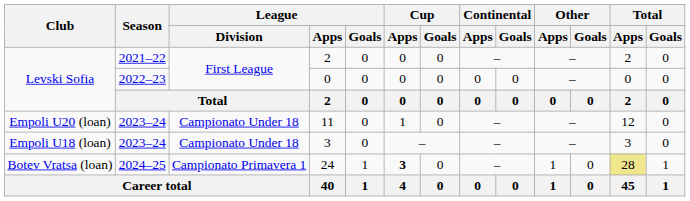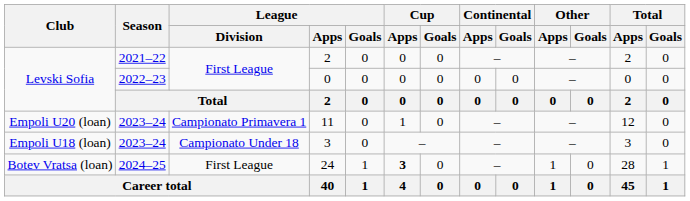 <table class="wikitable" style="text-align: center">
 <tr>
 <th rowspan="2">Club</th>
 <th rowspan="2">Season</th>
 <th colspan="3">League</th>
 <th colspan="2">Cup</th>
 <th colspan="2">Continental</th>
 <th colspan="2">Other</th>
 <th colspan="2">Total</th>
 </tr>
 <tr>
 <th>Division</th>
 <th>Apps</th>
 <th>Goals</th>
 <th>Apps</th>
 <th>Goals</th>
 <th>Apps</th>
 <th>Goals</th>
 <th>Apps</th>
 <th>Goals</th>
 <th>Apps</th>
 <th>Goals</th>
 </tr>
 <tr>
 <td rowspan=3><a href='#'>Levski Sofia</a></td>
 <td><a href='#'>2021–22</a></td>
 <td rowspan=2><a href='#'>First League</a></td>
 <td>2</td>
 <td>0</td>
 <td>0</td>
 <td>0</td>
 <td colspan="2">–</td>
 <td colspan="2">–</td>
 <td>2</td>
 <td>0</td>
 </tr>
 <tr>
 <td><a href='#'>2022–23</a></td>
 <td>0</td>
 <td>0</td>
 <td>0</td>
 <td>0</td>
 <td>0</td>
 <td>0</td>
 <td colspan="2">–</td>
 <td>0</td>
 <td>0</td>
 </tr>
 <tr>
 <th colspan="2"><strong>Total</strong></th>
 <th>2</th>
 <th>0</th>
 <th>0</th>
 <th>0</th>
 <th>0</th>
 <th>0</th>
 <th>0</th>
 <th>0</th>
 <th>2</th>
 <th>0</th>
 </tr>
 <tr>
 <td><a href='#'>Empoli U20</a> (loan)</td>
 <td><a href='#'>2023–24</a></td>
-<td><a href='#'>Campionato Under 18</a></td>
+<td><a href='#'>Campionato Primavera 1</a></td>
 <td>11</td>
 <td>0</td>
 <td>1</td>
 <td>0</td>
 <td colspan="2">–</td>
 <td colspan="2">–</td>
 <td>12</td>
 <td>0</td>
 </tr>
 <tr>
 <td><a href='#'>Empoli U18</a> (loan)</td>
 <td><a href='#'>2023–24</a></td>
 <td><a href='#'>Campionato Under 18</a></td>
 <td>3</td>
 <td>0</td>
 <td colspan="2">–</td>
 <td colspan="2">–</td>
 <td colspan="2">–</td>
 <td>3</td>
 <td>0</td>
 </tr>
 <tr>
 <td><a href='#'>Botev Vratsa</a> (loan)</td>
 <td><a href='#'>2024–25</a></td>
-<td><a href='#'>Campionato Primavera 1</a></td>
+<td>First League</td>
 <td>24</td>
 <td>1</td>
 <td><strong>3</strong></td>
 <td>0</td>
 <td colspan="2">–</td>
 <td>1</td>
 <td>0</td>
-<td style="background: khaki;">28</td>
+<td>28</td>
 <td>1</td>
 </tr>
 <tr>
 <th colspan="3"><strong>Career total</strong></th>
 <th>40</th>
 <th>1</th>
 <th>4</th>
 <th>0</th>
 <th>0</th>
 <th>0</th>
 <th>1</th>
 <th>0</th>
 <th>45</th>
 <th>1</th>
 </tr>
 </table>
